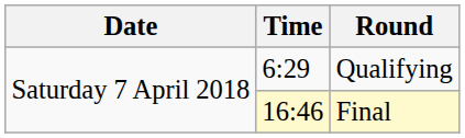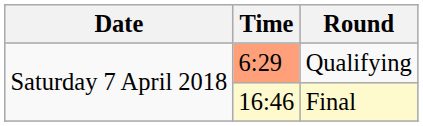 <table class="wikitable">
 <tr>
 <th>Date</th>
 <th>Time</th>
 <th>Round</th>
 </tr>
 <tr>
 <td rowspan=2>Saturday 7 April 2018</td>
-<td>6:29</td>
+<td style="background: lightsalmon;">6:29</td>
 <td>Qualifying</td>
 </tr>
 <tr>
 <td style=background:lemonchiffon>16:46</td>
 <td style=background:lemonchiffon>Final</td>
 </tr>
 </table>
